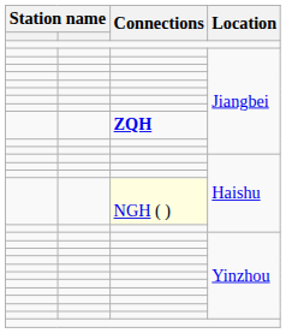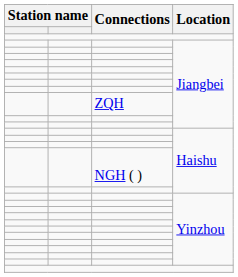 <table class="wikitable">
 <tr>
 <th colspan="2">Station name</th>
 <th rowspan="2">Connections</th>
 <th rowspan="2">Location</th>
 </tr>
 <tr>
 <th></th>
 <th></th>
 </tr>
 <tr style="background:#">
 <td colspan = "4"></td>
 </tr>
 <tr>
 <td></td>
 <td></td>
 <td></td>
 <td rowspan="11"><a href='#'>Jiangbei</a></td>
 </tr>
 <tr>
 <td></td>
 <td></td>
 <td></td>
 </tr>
 <tr>
 <td></td>
 <td></td>
 <td></td>
 </tr>
 <tr>
 <td></td>
 <td></td>
 <td></td>
 </tr>
 <tr>
 <td></td>
 <td></td>
 <td></td>
 </tr>
 <tr>
 <td></td>
 <td></td>
 <td></td>
 </tr>
 <tr>
 <td></td>
 <td></td>
 <td></td>
 </tr>
 <tr>
 <td></td>
 <td></td>
 <td></td>
 </tr>
 <tr>
 <td></td>
 <td></td>
-<td><strong> <a href='#'>ZQH</a></strong></td>
+<td> <a href='#'>ZQH</a></td>
 </tr>
 <tr>
 <td></td>
 <td></td>
 <td></td>
 </tr>
 <tr>
 <td></td>
 <td></td>
 <td></td>
 </tr>
 <tr>
 <td></td>
 <td></td>
 <td></td>
 <td rowspan="5"><a href='#'>Haishu</a></td>
 </tr>
 <tr>
 <td></td>
 <td></td>
 <td></td>
 </tr>
 <tr>
 <td></td>
 <td></td>
 <td></td>
 </tr>
 <tr>
 <td></td>
 <td></td>
-<td style="background: lightyellow;"><br> <a href='#'>NGH</a> ( )</td>
+<td><br> <a href='#'>NGH</a> ( )</td>
 </tr>
 <tr>
 <td></td>
 <td></td>
 <td></td>
 </tr>
 <tr>
 <td></td>
 <td></td>
 <td></td>
 <td rowspan="11"><a href='#'>Yinzhou</a></td>
 </tr>
 <tr>
 <td></td>
 <td></td>
 <td></td>
 </tr>
 <tr>
 <td></td>
 <td></td>
 <td></td>
 </tr>
 <tr>
 <td></td>
 <td></td>
 <td></td>
 </tr>
 <tr>
 <td></td>
 <td></td>
 <td></td>
 </tr>
 <tr>
 <td></td>
 <td></td>
 <td></td>
 </tr>
 <tr>
 <td></td>
 <td></td>
 <td></td>
 </tr>
 <tr>
 <td></td>
 <td></td>
 <td></td>
 </tr>
 <tr>
 <td></td>
 <td></td>
 <td> </td>
 </tr>
 <tr>
 <td></td>
 <td></td>
 <td></td>
 </tr>
 <tr>
 <td></td>
 <td></td>
 <td></td>
 </tr>
 <tr style="background:#">
 <td colspan = "4"></td>
 </tr>
 </table>
